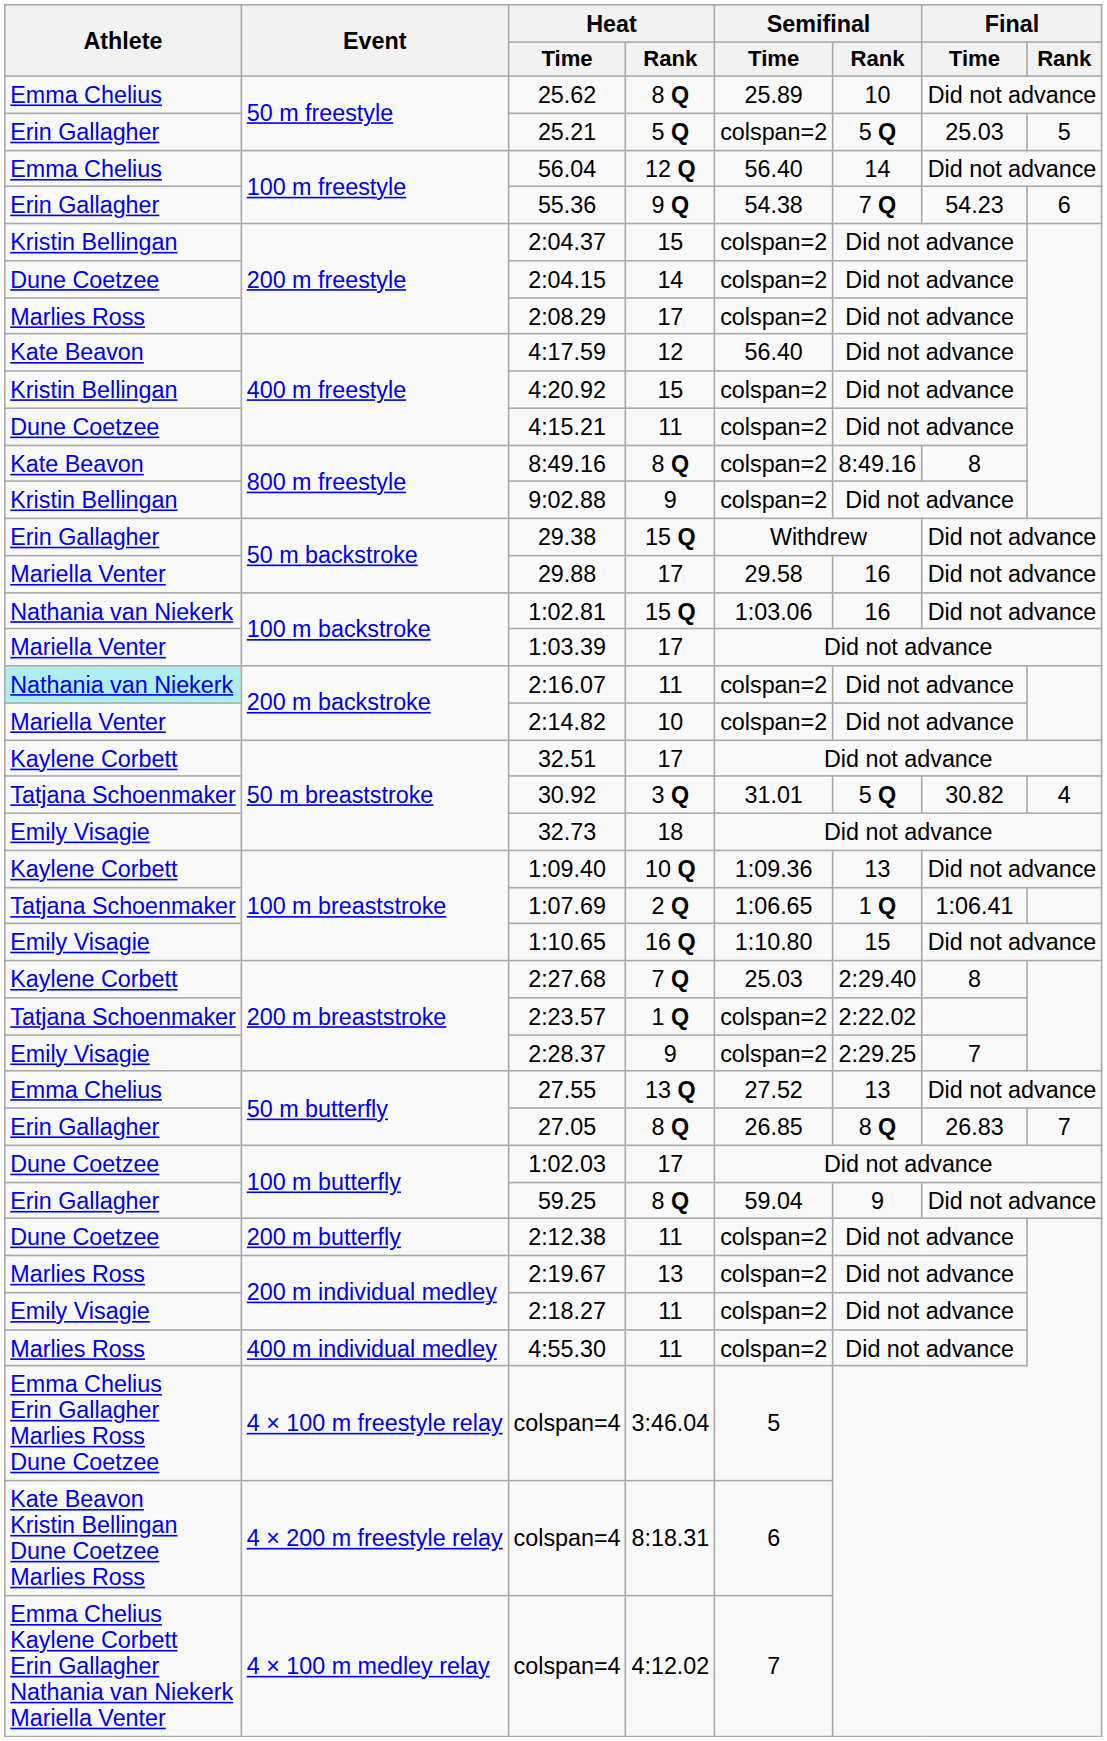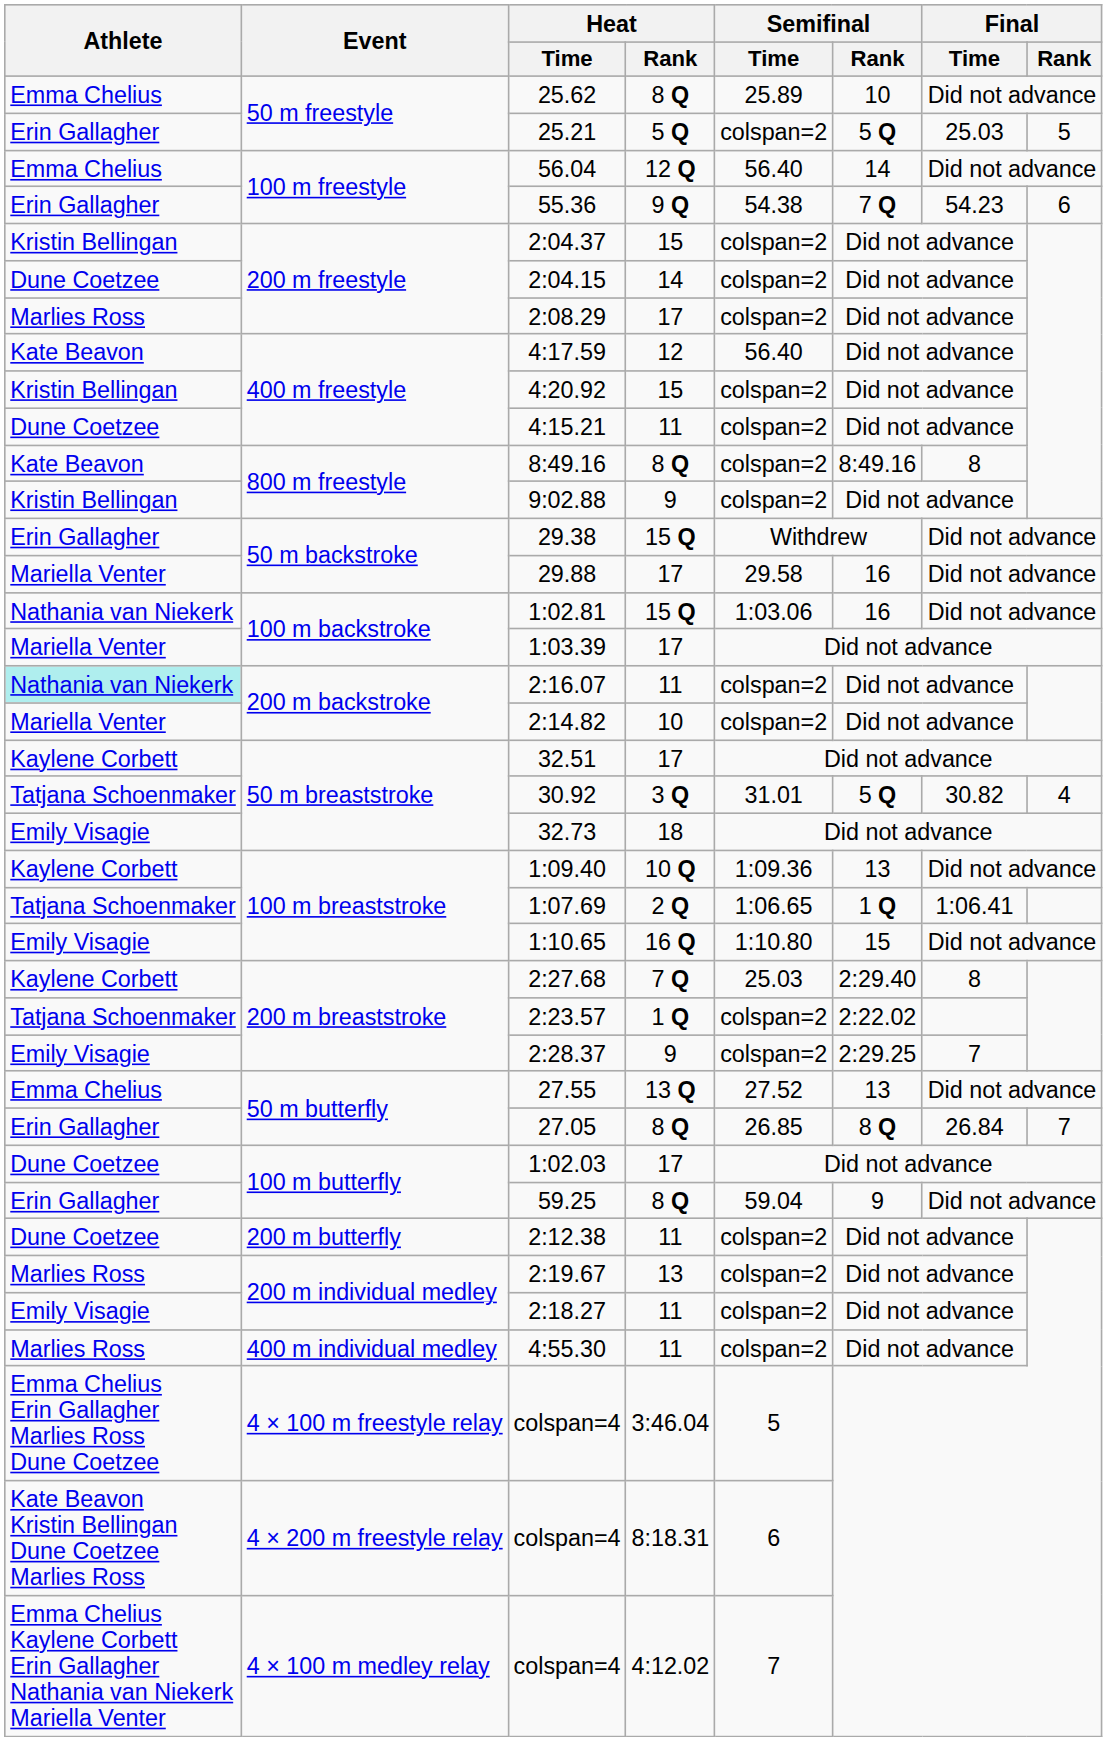 <table class=wikitable style="font-size:90%">
 <tr>
 <th rowspan=2>Athlete</th>
 <th rowspan=2>Event</th>
 <th colspan=2>Heat</th>
 <th colspan=2>Semifinal</th>
 <th colspan=2>Final</th>
 </tr>
 <tr style=font-size:95%>
 <th>Time</th>
 <th>Rank</th>
 <th>Time</th>
 <th>Rank</th>
 <th>Time</th>
 <th>Rank</th>
 </tr>
 <tr align=center>
 <td align=left><a href='#'>Emma Chelius</a></td>
 <td align=left rowspan=2><a href='#'>50 m freestyle</a></td>
 <td>25.62</td>
 <td>8 <strong>Q</strong></td>
 <td>25.89</td>
 <td>10</td>
 <td colspan=2>Did not advance</td>
 </tr>
 <tr align=center>
 <td align=left><a href='#'>Erin Gallagher</a></td>
 <td>25.21</td>
 <td>5 <strong>Q</strong></td>
 <td>colspan=2 </td>
 <td>5 <strong>Q</strong></td>
 <td>25.03</td>
 <td>5</td>
 </tr>
 <tr align=center>
 <td align=left><a href='#'>Emma Chelius</a></td>
 <td align=left rowspan=2><a href='#'>100 m freestyle</a></td>
 <td>56.04</td>
 <td>12 <strong>Q</strong></td>
 <td>56.40</td>
 <td>14</td>
 <td colspan=2>Did not advance</td>
 </tr>
 <tr align=center>
 <td align=left><a href='#'>Erin Gallagher</a></td>
 <td>55.36</td>
 <td>9 <strong>Q</strong></td>
 <td>54.38</td>
 <td>7 <strong>Q</strong></td>
 <td>54.23</td>
 <td>6</td>
 </tr>
 <tr align=center>
 <td align=left><a href='#'>Kristin Bellingan</a></td>
 <td align=left rowspan=3><a href='#'>200 m freestyle</a></td>
 <td>2:04.37</td>
 <td>15</td>
 <td>colspan=2 </td>
 <td colspan=2>Did not advance</td>
 </tr>
 <tr align=center>
 <td align=left><a href='#'>Dune Coetzee</a></td>
 <td>2:04.15</td>
 <td>14</td>
 <td>colspan=2 </td>
 <td colspan=2>Did not advance</td>
 </tr>
 <tr align=center>
 <td align=left><a href='#'>Marlies Ross</a></td>
 <td>2:08.29</td>
 <td>17</td>
 <td>colspan=2 </td>
 <td colspan=2>Did not advance</td>
 </tr>
 <tr align=center>
 <td align=left><a href='#'>Kate Beavon</a></td>
 <td align=left rowspan=3><a href='#'>400 m freestyle</a></td>
 <td>4:17.59</td>
 <td>12</td>
 <td>56.40</td>
 <td colspan=2>Did not advance</td>
 </tr>
 <tr align=center>
 <td align=left><a href='#'>Kristin Bellingan</a></td>
 <td>4:20.92</td>
 <td>15</td>
 <td>colspan=2 </td>
 <td colspan=2>Did not advance</td>
 </tr>
 <tr align=center>
 <td align=left><a href='#'>Dune Coetzee</a></td>
 <td>4:15.21</td>
 <td>11</td>
 <td>colspan=2 </td>
 <td colspan=2>Did not advance</td>
 </tr>
 <tr align=center>
 <td align=left><a href='#'>Kate Beavon</a></td>
 <td align=left rowspan=2><a href='#'>800 m freestyle</a></td>
 <td>8:49.16</td>
 <td>8 <strong>Q</strong></td>
 <td>colspan=2 </td>
 <td>8:49.16</td>
 <td>8</td>
 </tr>
 <tr align=center>
 <td align=left><a href='#'>Kristin Bellingan</a></td>
 <td>9:02.88</td>
 <td>9</td>
 <td>colspan=2 </td>
 <td colspan=2>Did not advance</td>
 </tr>
 <tr align=center>
 <td align=left><a href='#'>Erin Gallagher</a></td>
 <td align=left rowspan=2><a href='#'>50 m backstroke</a></td>
 <td>29.38</td>
 <td>15 <strong>Q</strong></td>
 <td colspan=2>Withdrew</td>
 <td colspan=2>Did not advance</td>
 </tr>
 <tr align=center>
 <td align=left><a href='#'>Mariella Venter</a></td>
 <td>29.88</td>
 <td>17 </td>
 <td>29.58</td>
 <td>16</td>
 <td colspan=2>Did not advance</td>
 </tr>
 <tr align=center>
 <td align=left><a href='#'>Nathania van Niekerk</a></td>
 <td align=left rowspan=2><a href='#'>100 m backstroke</a></td>
 <td>1:02.81</td>
 <td>15 <strong>Q</strong></td>
 <td>1:03.06</td>
 <td>16</td>
 <td colspan=2>Did not advance</td>
 </tr>
 <tr align=center>
 <td align=left><a href='#'>Mariella Venter</a></td>
 <td>1:03.39</td>
 <td>17</td>
 <td colspan=4>Did not advance</td>
 </tr>
 <tr align=center>
 <td align=left style="background: paleturquoise;"><a href='#'>Nathania van Niekerk</a></td>
 <td align=left rowspan=2><a href='#'>200 m backstroke</a></td>
 <td>2:16.07</td>
 <td>11</td>
 <td>colspan=2 </td>
 <td colspan=2>Did not advance</td>
 </tr>
 <tr align=center>
 <td align=left><a href='#'>Mariella Venter</a></td>
 <td>2:14.82</td>
 <td>10</td>
 <td>colspan=2 </td>
 <td colspan=2>Did not advance</td>
 </tr>
 <tr align=center>
 <td align=left><a href='#'>Kaylene Corbett</a></td>
 <td align=left rowspan=3><a href='#'>50 m breaststroke</a></td>
 <td>32.51</td>
 <td>17</td>
 <td colspan=4>Did not advance</td>
 </tr>
 <tr align=center>
 <td align=left><a href='#'>Tatjana Schoenmaker</a></td>
 <td>30.92</td>
 <td>3 <strong>Q</strong></td>
 <td>31.01</td>
 <td>5 <strong>Q</strong></td>
 <td>30.82</td>
 <td>4</td>
 </tr>
 <tr align=center>
 <td align=left><a href='#'>Emily Visagie</a></td>
 <td>32.73</td>
 <td>18</td>
 <td colspan=4>Did not advance</td>
 </tr>
 <tr align=center>
 <td align=left><a href='#'>Kaylene Corbett</a></td>
 <td align=left rowspan=3><a href='#'>100 m breaststroke</a></td>
 <td>1:09.40</td>
 <td>10 <strong>Q</strong></td>
 <td>1:09.36</td>
 <td>13</td>
 <td colspan=2>Did not advance</td>
 </tr>
 <tr align=center>
 <td align=left><a href='#'>Tatjana Schoenmaker</a></td>
 <td>1:07.69</td>
 <td>2 <strong>Q</strong></td>
 <td>1:06.65</td>
 <td>1 <strong>Q</strong></td>
 <td>1:06.41</td>
 <td></td>
 </tr>
 <tr align=center>
 <td align=left><a href='#'>Emily Visagie</a></td>
 <td>1:10.65</td>
 <td>16 <strong>Q</strong></td>
 <td>1:10.80</td>
 <td>15</td>
 <td colspan=2>Did not advance</td>
 </tr>
 <tr align=center>
 <td align=left><a href='#'>Kaylene Corbett</a></td>
 <td align=left rowspan=3><a href='#'>200 m breaststroke</a></td>
 <td>2:27.68</td>
 <td>7 <strong>Q</strong></td>
 <td>25.03</td>
 <td>2:29.40</td>
 <td>8</td>
 </tr>
 <tr align=center>
 <td align=left><a href='#'>Tatjana Schoenmaker</a></td>
 <td>2:23.57</td>
 <td>1 <strong>Q</strong></td>
 <td>colspan=2 </td>
 <td>2:22.02</td>
 <td></td>
 </tr>
 <tr align=center>
 <td align=left><a href='#'>Emily Visagie</a></td>
 <td>2:28.37</td>
 <td>9 </td>
 <td>colspan=2 </td>
 <td>2:29.25</td>
 <td>7</td>
 </tr>
 <tr align=center>
 <td align=left><a href='#'>Emma Chelius</a></td>
 <td align=left rowspan=2><a href='#'>50 m butterfly</a></td>
 <td>27.55</td>
 <td>13 <strong>Q</strong></td>
 <td>27.52</td>
 <td>13</td>
 <td colspan=2>Did not advance</td>
 </tr>
 <tr align=center>
 <td align=left><a href='#'>Erin Gallagher</a></td>
 <td>27.05</td>
 <td>8 <strong>Q</strong></td>
 <td>26.85</td>
 <td>8 <strong>Q</strong></td>
-<td>26.83</td>
+<td>26.84</td>
 <td>7</td>
 </tr>
 <tr align=center>
 <td align=left><a href='#'>Dune Coetzee</a></td>
 <td align=left rowspan=2><a href='#'>100 m butterfly</a></td>
 <td>1:02.03</td>
 <td>17</td>
 <td colspan=4>Did not advance</td>
 </tr>
 <tr align=center>
 <td align=left><a href='#'>Erin Gallagher</a></td>
 <td>59.25</td>
 <td>8 <strong>Q</strong></td>
 <td>59.04</td>
 <td>9</td>
 <td colspan=2>Did not advance</td>
 </tr>
 <tr align=center>
 <td align=left><a href='#'>Dune Coetzee</a></td>
 <td align=left><a href='#'>200 m butterfly</a></td>
 <td>2:12.38</td>
 <td>11</td>
 <td>colspan=2 </td>
 <td colspan=2>Did not advance</td>
 </tr>
 <tr align=center>
 <td align=left><a href='#'>Marlies Ross</a></td>
 <td align=left rowspan=2><a href='#'>200 m individual medley</a></td>
 <td>2:19.67</td>
 <td>13</td>
 <td>colspan=2 </td>
 <td colspan=2>Did not advance</td>
 </tr>
 <tr align=center>
 <td align=left><a href='#'>Emily Visagie</a></td>
 <td>2:18.27</td>
 <td>11</td>
 <td>colspan=2 </td>
 <td colspan=2>Did not advance</td>
 </tr>
 <tr align=center>
 <td align=left><a href='#'>Marlies Ross</a></td>
 <td align=left><a href='#'>400 m individual medley</a></td>
 <td>4:55.30</td>
 <td>11</td>
 <td>colspan=2 </td>
 <td colspan=2>Did not advance</td>
 </tr>
 <tr align=center>
 <td align=left><a href='#'>Emma Chelius</a><br><a href='#'>Erin Gallagher</a><br><a href='#'>Marlies Ross</a><br><a href='#'>Dune Coetzee</a></td>
 <td align=left><a href='#'>4 × 100 m freestyle relay</a></td>
 <td>colspan=4 </td>
 <td>3:46.04</td>
 <td>5</td>
 </tr>
 <tr align=center>
 <td align=left><a href='#'>Kate Beavon</a><br><a href='#'>Kristin Bellingan</a><br><a href='#'>Dune Coetzee</a><br><a href='#'>Marlies Ross</a></td>
 <td align=left><a href='#'>4 × 200 m freestyle relay</a></td>
 <td>colspan=4 </td>
 <td>8:18.31</td>
 <td>6</td>
 </tr>
 <tr align=center>
 <td align=left><a href='#'>Emma Chelius</a><br><a href='#'>Kaylene Corbett</a><br><a href='#'>Erin Gallagher</a><br><a href='#'>Nathania van Niekerk</a><br><a href='#'>Mariella Venter</a></td>
 <td align=left><a href='#'>4 × 100 m medley relay</a></td>
 <td>colspan=4 </td>
 <td>4:12.02</td>
 <td>7</td>
 </tr>
 </table>
